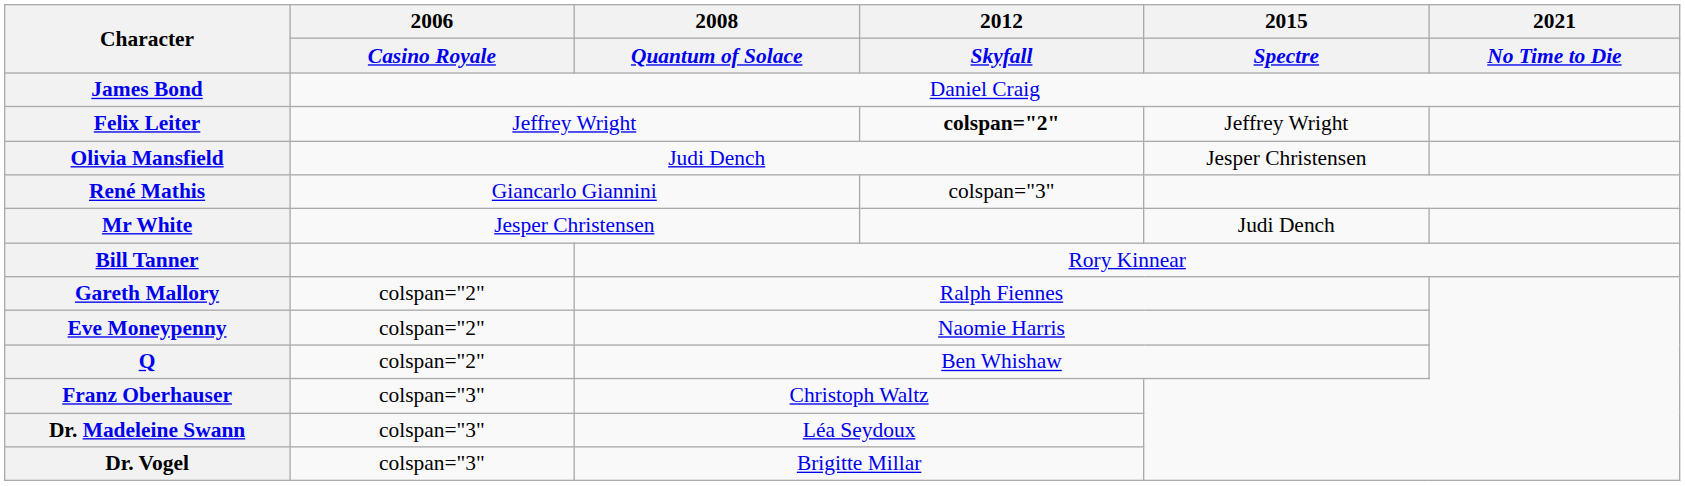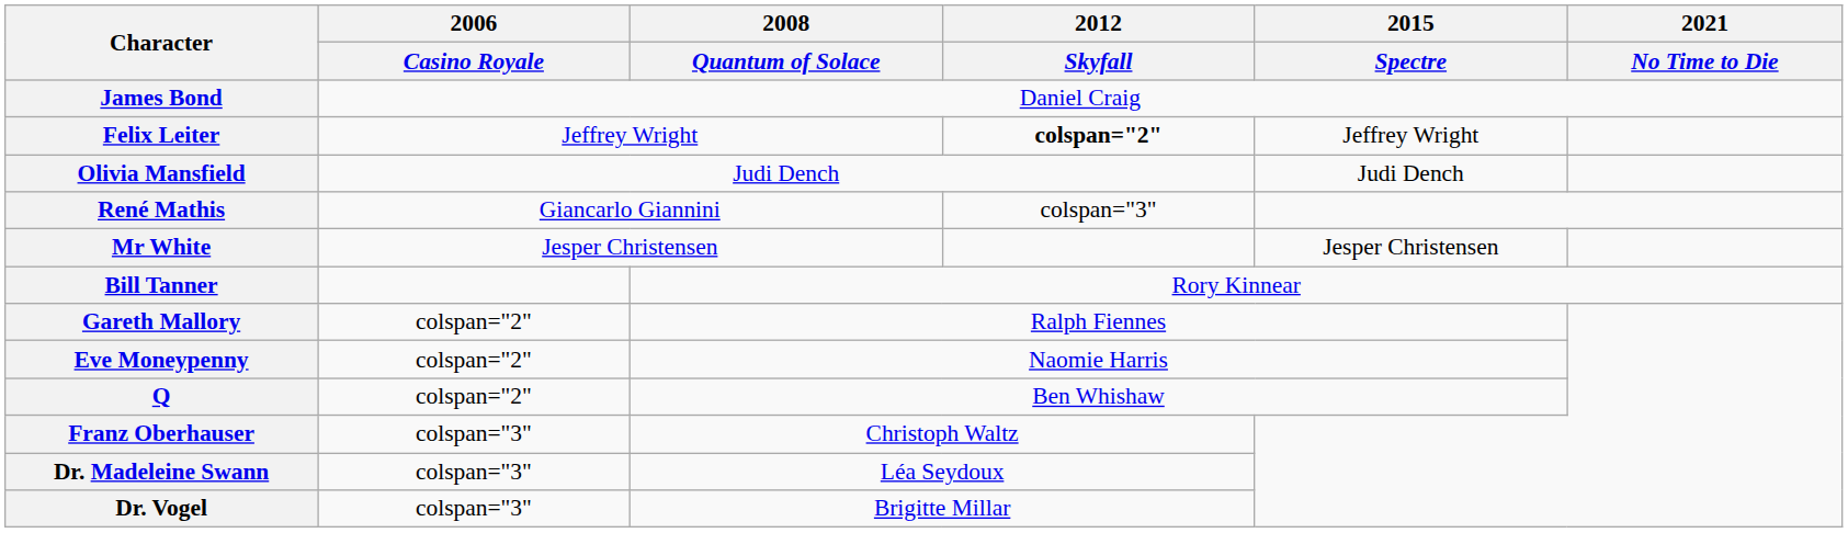 <table class="wikitable" style="text-align:center; width:99%;">
 <tr>
 <th rowspan="2" style="width:17%;">Character</th>
 <th>2006</th>
 <th>2008</th>
 <th>2012</th>
 <th>2015</th>
 <th>2021</th>
 </tr>
 <tr>
 <th style="width:17%;"><em><a href='#'>Casino Royale</a></em></th>
 <th style="width:17%;"><em><a href='#'>Quantum of Solace</a></em></th>
 <th style="width:17%;"><em><a href='#'>Skyfall</a></em></th>
 <th style="width:17%;"><em><a href='#'>Spectre</a></em></th>
 <th style="width:17%;"><em><a href='#'>No Time to Die</a></em></th>
 </tr>
 <tr>
 <th scope="row"><a href='#'>James Bond<br></a></th>
 <td colspan="5"><a href='#'>Daniel Craig</a></td>
 </tr>
 <tr>
 <th scope="row"><a href='#'>Felix Leiter</a></th>
 <td colspan="2"><a href='#'>Jeffrey Wright</a></td>
 <td><strong>colspan="2" </strong></td>
 <td>Jeffrey Wright</td>
 </tr>
 <tr>
 <th scope="row"><a href='#'>Olivia Mansfield<br></a></th>
 <td colspan="3"><a href='#'>Judi Dench</a></td>
-<td>Jesper Christensen</td>
+<td>Judi Dench</td>
 <td></td>
 </tr>
 <tr>
 <th scope="row"><a href='#'>René Mathis</a></th>
 <td colspan="2"><a href='#'>Giancarlo Giannini</a></td>
 <td>colspan="3" </td>
 </tr>
 <tr>
 <th scope="row"><a href='#'>Mr White</a></th>
 <td colspan="2"><a href='#'>Jesper Christensen</a></td>
 <td></td>
-<td>Judi Dench</td>
+<td>Jesper Christensen</td>
 <td></td>
 </tr>
 <tr>
 <th scope="row"><a href='#'>Bill Tanner</a></th>
 <td></td>
 <td colspan="4"><a href='#'>Rory Kinnear</a></td>
 </tr>
 <tr>
 <th scope="row"><a href='#'>Gareth Mallory<br></a></th>
 <td>colspan="2" </td>
 <td colspan="3"><a href='#'>Ralph Fiennes</a></td>
 </tr>
 <tr>
 <th scope="row"><a href='#'>Eve Moneypenny</a></th>
 <td>colspan="2" </td>
 <td colspan="3"><a href='#'>Naomie Harris</a></td>
 </tr>
 <tr>
 <th scope="row"><a href='#'>Q</a></th>
 <td>colspan="2" </td>
 <td colspan="3"><a href='#'>Ben Whishaw</a></td>
 </tr>
 <tr>
 <th scope="row"><a href='#'>Franz Oberhauser<br></a></th>
 <td>colspan="3" </td>
 <td colspan="2"><a href='#'>Christoph Waltz</a></td>
 </tr>
 <tr>
 <th scope="row">Dr. <a href='#'>Madeleine Swann</a></th>
 <td>colspan="3" </td>
 <td colspan="2"><a href='#'>Léa Seydoux</a></td>
 </tr>
 <tr>
 <th scope="row">Dr. Vogel</th>
 <td>colspan="3" </td>
 <td colspan="2"><a href='#'>Brigitte Millar</a></td>
 </tr>
 </table>
